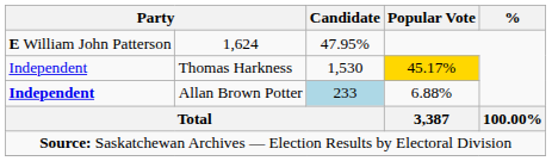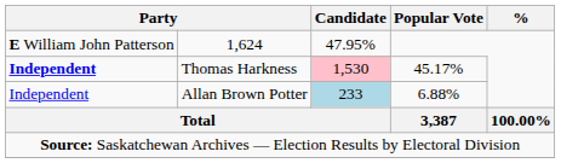 <table class="wikitable">
 <tr>
 <th colspan="2">Party</th>
 <th>Candidate</th>
 <th>Popular Vote</th>
 <th>%</th>
 </tr>
 <tr>
 <td><strong>E</strong> William John Patterson</td>
 <td align=center>1,624</td>
 <td align=center>47.95%</td>
 </tr>
 <tr>
-<td><a href='#'>Independent</a></td>
+<td><strong><a href='#'>Independent</a></strong></td>
 <td>Thomas Harkness</td>
-<td align=center>1,530</td>
-<td align=center style="background: gold;">45.17%</td>
+<td align=center style="background: pink;">1,530</td>
+<td align=center>45.17%</td>
 </tr>
 <tr>
-<td><strong><a href='#'>Independent</a></strong></td>
+<td><a href='#'>Independent</a></td>
 <td>Allan Brown Potter</td>
 <td align=center style="background: lightblue;">233</td>
 <td align=center>6.88%</td>
 </tr>
 <tr>
 <th colspan=3>Total</th>
 <th>3,387</th>
 <th>100.00%</th>
 </tr>
 <tr>
 <td align="center" colspan=5><strong>Source:</strong> Saskatchewan Archives — Election Results by Electoral Division</td>
 </tr>
 <tr>
 </tr>
 </table>
